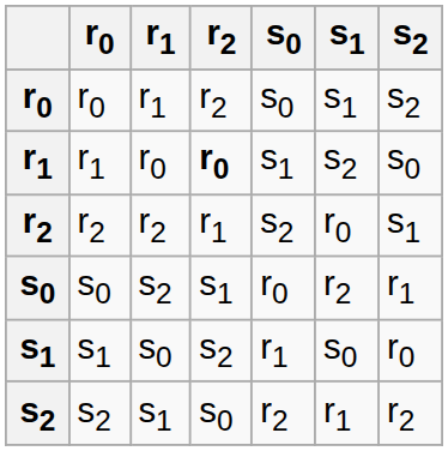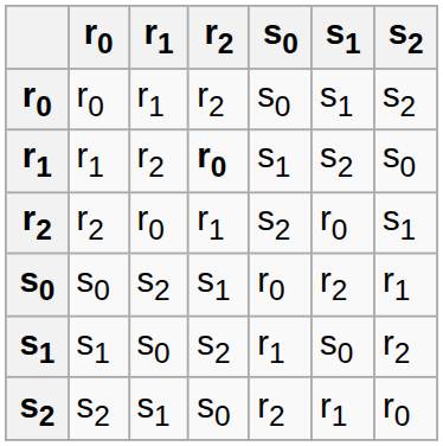 <table class=wikitable width=200>
 <tr>
 <th></th>
 <th>r<sub>0</sub></th>
 <th>r<sub>1</sub></th>
 <th>r<sub>2</sub></th>
 <th>s<sub>0</sub></th>
 <th>s<sub>1</sub></th>
 <th>s<sub>2</sub></th>
 </tr>
 <tr>
 <th>r<sub>0</sub></th>
 <td>r<sub>0</sub></td>
 <td>r<sub>1</sub></td>
 <td>r<sub>2</sub></td>
 <td>s<sub>0</sub></td>
 <td>s<sub>1</sub></td>
 <td>s<sub>2</sub></td>
 </tr>
 <tr>
 <th>r<sub>1</sub></th>
 <td>r<sub>1</sub></td>
-<td>r<sub>0</sub></td>
+<td>r<sub>2</sub></td>
 <td><strong>r<sub>0</sub></strong></td>
 <td>s<sub>1</sub></td>
 <td>s<sub>2</sub></td>
 <td>s<sub>0</sub></td>
 </tr>
 <tr>
 <th>r<sub>2</sub></th>
 <td>r<sub>2</sub></td>
-<td>r<sub>2</sub></td>
+<td>r<sub>0</sub></td>
 <td>r<sub>1</sub></td>
 <td>s<sub>2</sub></td>
 <td>r<sub>0</sub></td>
 <td>s<sub>1</sub></td>
 </tr>
 <tr>
 <th>s<sub>0</sub></th>
 <td>s<sub>0</sub></td>
 <td>s<sub>2</sub></td>
 <td>s<sub>1</sub></td>
 <td>r<sub>0</sub></td>
 <td>r<sub>2</sub></td>
 <td>r<sub>1</sub></td>
 </tr>
 <tr>
 <th>s<sub>1</sub></th>
 <td>s<sub>1</sub></td>
 <td>s<sub>0</sub></td>
 <td>s<sub>2</sub></td>
 <td>r<sub>1</sub></td>
 <td>s<sub>0</sub></td>
-<td>r<sub>0</sub></td>
+<td>r<sub>2</sub></td>
 </tr>
 <tr>
 <th>s<sub>2</sub></th>
 <td>s<sub>2</sub></td>
 <td>s<sub>1</sub></td>
 <td>s<sub>0</sub></td>
 <td>r<sub>2</sub></td>
 <td>r<sub>1</sub></td>
-<td>r<sub>2</sub></td>
+<td>r<sub>0</sub></td>
 </tr>
 </table>
